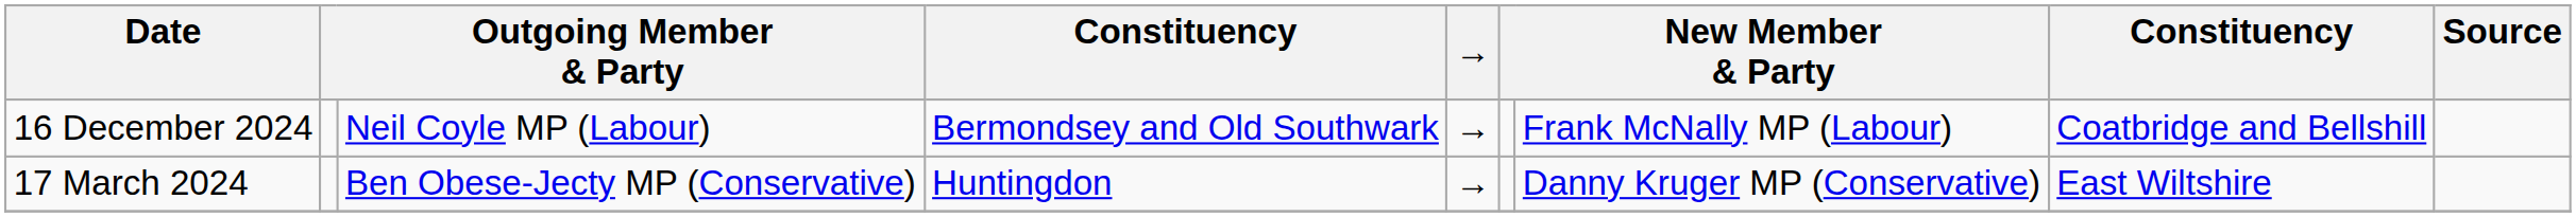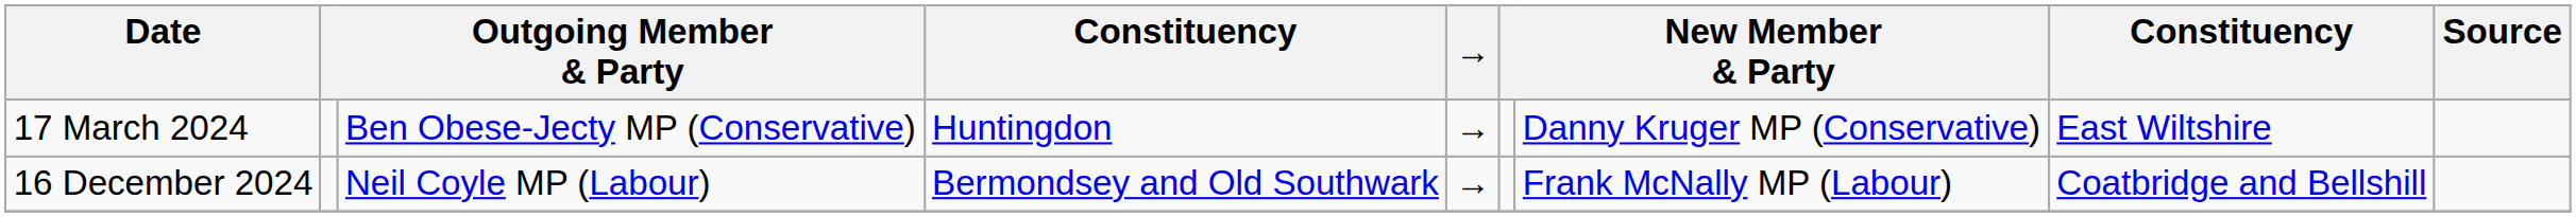 <table class="wikitable">
 <tr>
 <th valign="top">Date</th>
 <th colspan="2" valign="top">Outgoing Member<br>& Party</th>
 <th valign="top">Constituency</th>
 <th>→</th>
 <th colspan="2" valign="top">New Member<br>& Party</th>
 <th valign="top">Constituency</th>
 <th valign="top">Source</th>
+</tr>
+<tr>
+<td nowrap>17 March 2024</td>
+<td style="color:inherit;background:"></td>
+<td><a href='#'>Ben Obese-Jecty</a> MP (<a href='#'>Conservative</a>)</td>
+<td><a href='#'>Huntingdon</a></td>
+<td>→</td>
+<td style="color:inherit;background:"></td>
+<td><a href='#'>Danny Kruger</a> MP (<a href='#'>Conservative</a>)</td>
+<td><a href='#'>East Wiltshire</a></td>
+<td></td>
 </tr>
 <tr>
 <td nowrap>16 December 2024</td>
 <td style="color:inherit;background:"></td>
 <td><a href='#'>Neil Coyle</a> MP (<a href='#'>Labour</a>)</td>
 <td><a href='#'>Bermondsey and Old Southwark</a></td>
 <td>→</td>
 <td style="color:inherit;background:"></td>
 <td><a href='#'>Frank McNally</a> MP (<a href='#'>Labour</a>)</td>
 <td><a href='#'>Coatbridge and Bellshill</a></td>
 <td></td>
 </tr>
 <tr>
-<td nowrap>17 March 2024</td>
-<td style="color:inherit;background:"></td>
-<td><a href='#'>Ben Obese-Jecty</a> MP (<a href='#'>Conservative</a>)</td>
-<td><a href='#'>Huntingdon</a></td>
-<td>→</td>
-<td style="color:inherit;background:"></td>
-<td><a href='#'>Danny Kruger</a> MP (<a href='#'>Conservative</a>)</td>
-<td><a href='#'>East Wiltshire</a></td>
-<td></td>
-</tr>
-<tr>
 </tr>
 </table>
